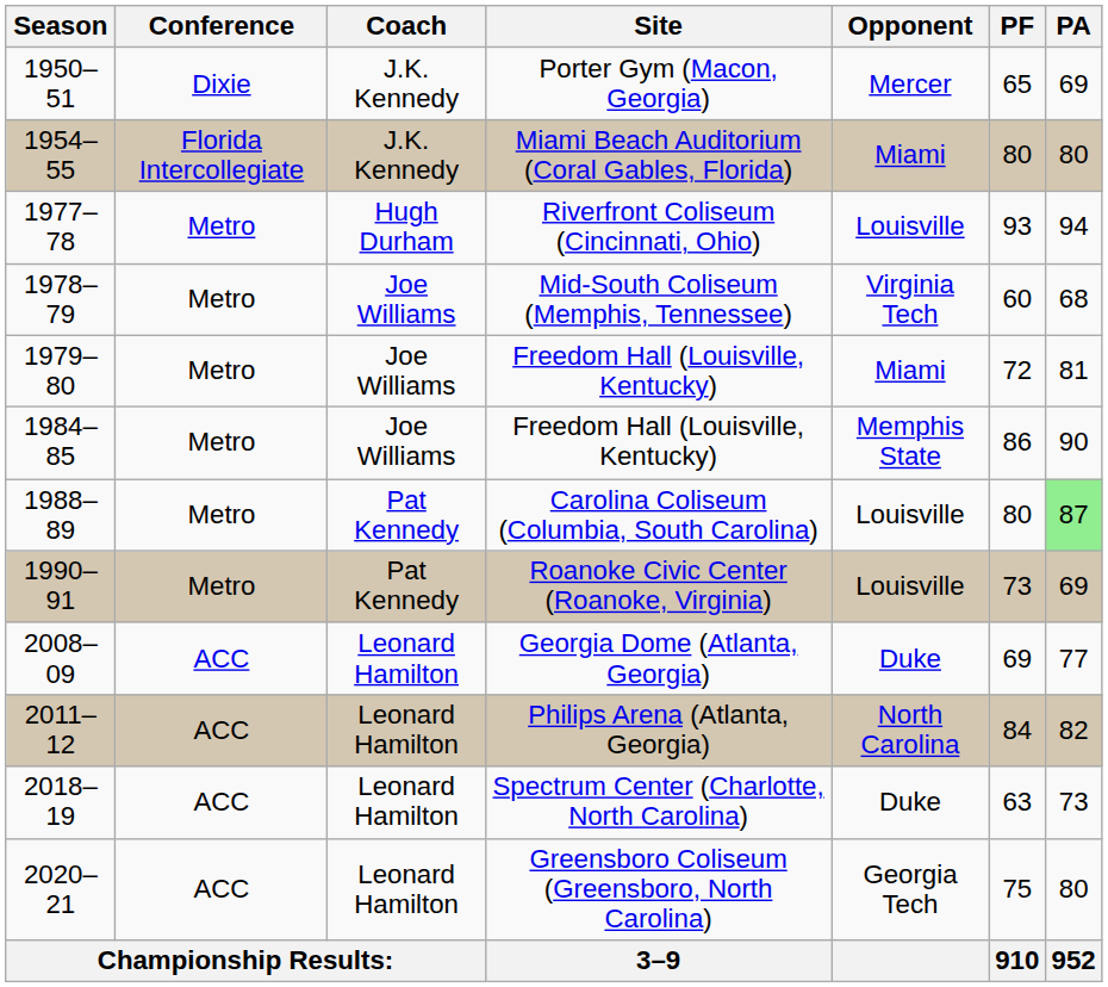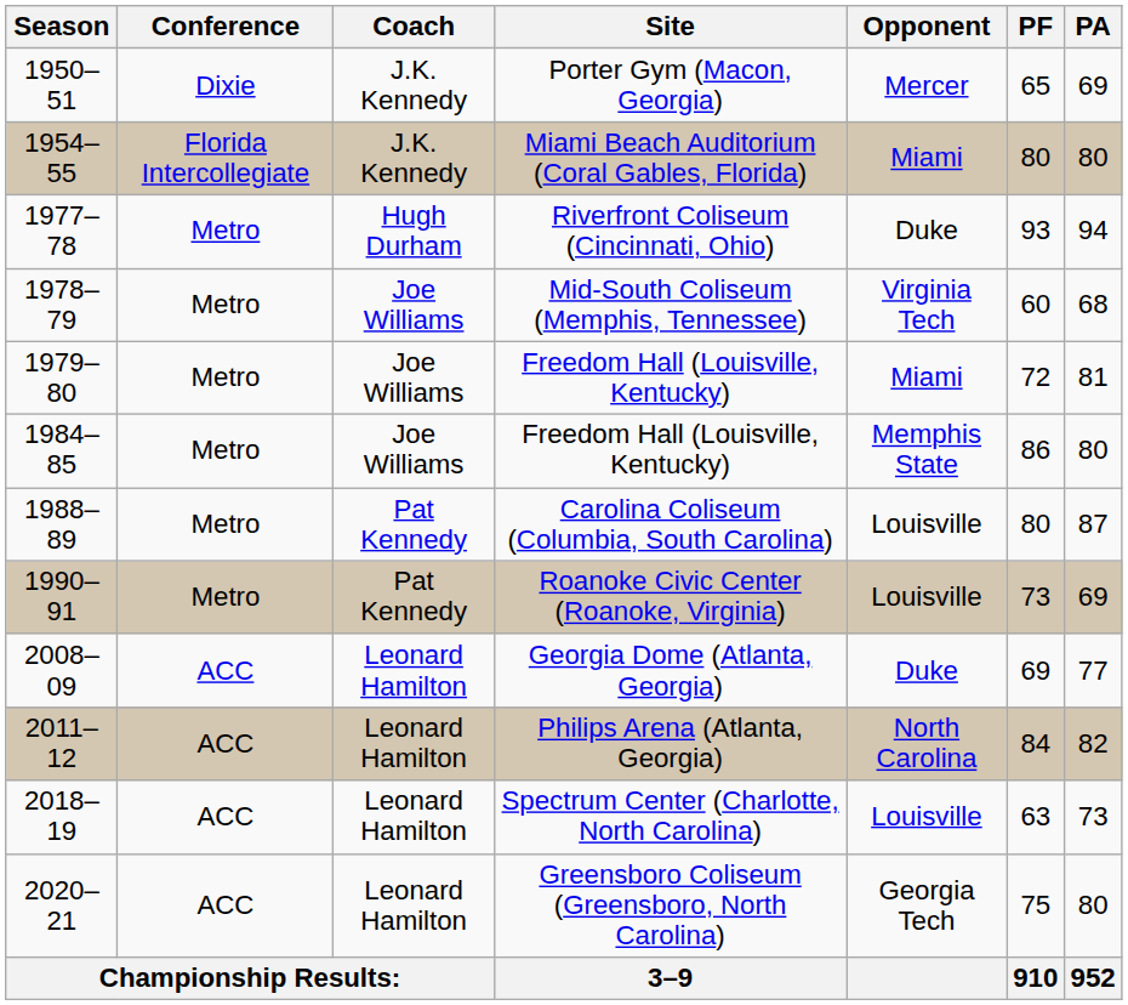 <table cellpadding="1" style="width:75%;" class="wikitable" style="text-align:center">
 <tr>
 <th>Season</th>
 <th>Conference</th>
 <th>Coach</th>
 <th>Site</th>
 <th>Opponent</th>
 <th>PF</th>
 <th>PA</th>
 </tr>
 <tr style="text-align:center;">
 <td>1950–51</td>
 <td><a href='#'>Dixie</a></td>
 <td>J.K. Kennedy</td>
 <td>Porter Gym (<a href='#'>Macon, Georgia</a>)</td>
 <td><a href='#'>Mercer</a></td>
 <td>65</td>
 <td>69</td>
 </tr>
 <tr style="text-align:center; background:#d4c7b1;">
 <td>1954–55</td>
 <td><a href='#'>Florida Intercollegiate</a></td>
 <td>J.K. Kennedy</td>
 <td><a href='#'>Miami Beach Auditorium</a> (<a href='#'>Coral Gables, Florida</a>)</td>
 <td><a href='#'>Miami</a></td>
 <td>80</td>
 <td>80</td>
 </tr>
 <tr style="text-align:center;">
 <td>1977–78</td>
 <td><a href='#'>Metro</a></td>
 <td><a href='#'>Hugh Durham</a></td>
 <td><a href='#'>Riverfront Coliseum</a> (<a href='#'>Cincinnati, Ohio</a>)</td>
-<td><a href='#'>Louisville</a></td>
+<td>Duke</td>
 <td>93</td>
 <td>94</td>
 </tr>
 <tr style="text-align:center;">
 <td>1978–79</td>
 <td>Metro</td>
 <td><a href='#'>Joe Williams</a></td>
 <td><a href='#'>Mid-South Coliseum</a> (<a href='#'>Memphis, Tennessee</a>)</td>
 <td><a href='#'>Virginia Tech</a></td>
 <td>60</td>
 <td>68</td>
 </tr>
 <tr style="text-align:center;">
 <td>1979–80</td>
 <td>Metro</td>
 <td>Joe Williams</td>
 <td><a href='#'>Freedom Hall</a> (<a href='#'>Louisville, Kentucky</a>)</td>
 <td><a href='#'>Miami</a></td>
 <td>72</td>
 <td>81</td>
 </tr>
 <tr style="text-align:center;">
 <td>1984–85</td>
 <td>Metro</td>
 <td>Joe Williams</td>
 <td>Freedom Hall (Louisville, Kentucky)</td>
 <td><a href='#'>Memphis State</a></td>
 <td>86</td>
-<td>90</td>
+<td>80</td>
 </tr>
 <tr style="text-align:center;">
 <td>1988–89</td>
 <td>Metro</td>
 <td><a href='#'>Pat Kennedy</a></td>
 <td><a href='#'>Carolina Coliseum</a> (<a href='#'>Columbia, South Carolina</a>)</td>
 <td>Louisville</td>
 <td>80</td>
-<td style="background: lightgreen;">87</td>
+<td>87</td>
 </tr>
 <tr style="text-align:center; background:#d4c7b1;">
 <td>1990–91</td>
 <td>Metro</td>
 <td>Pat Kennedy</td>
 <td><a href='#'>Roanoke Civic Center</a> (<a href='#'>Roanoke, Virginia</a>)</td>
 <td>Louisville</td>
 <td>73</td>
 <td>69</td>
 </tr>
 <tr style="text-align:center;">
 <td>2008–09</td>
 <td><a href='#'>ACC</a></td>
 <td><a href='#'>Leonard Hamilton</a></td>
 <td><a href='#'>Georgia Dome</a> (<a href='#'>Atlanta, Georgia</a>)</td>
 <td><a href='#'>Duke</a></td>
 <td>69</td>
 <td>77</td>
 </tr>
 <tr style="text-align:center; background:#d4c7b1;">
 <td>2011–12</td>
 <td>ACC</td>
 <td>Leonard Hamilton</td>
 <td><a href='#'>Philips Arena</a> (Atlanta, Georgia)</td>
 <td><a href='#'>North Carolina</a></td>
 <td>84</td>
 <td>82</td>
 </tr>
 <tr style="text-align:center;">
 <td>2018–19</td>
 <td>ACC</td>
 <td>Leonard Hamilton</td>
 <td><a href='#'>Spectrum Center</a> (<a href='#'>Charlotte, North Carolina</a>)</td>
-<td>Duke</td>
+<td><a href='#'>Louisville</a></td>
 <td>63</td>
 <td>73</td>
 </tr>
 <tr style="text-align:center;">
 <td>2020–21</td>
 <td>ACC</td>
 <td>Leonard Hamilton</td>
 <td><a href='#'>Greensboro Coliseum</a> (<a href='#'>Greensboro, North Carolina</a>)</td>
 <td>Georgia Tech</td>
 <td>75</td>
 <td>80</td>
 </tr>
 <tr style="text-align:center;"class="sortbottom">
 <th colspan="3;">Championship Results:</th>
 <th colspan="1;">3–9</th>
 <th colspan="1;"> </th>
 <th colspan="1;">910</th>
 <th colspan="1;">952</th>
 </tr>
 </table>
